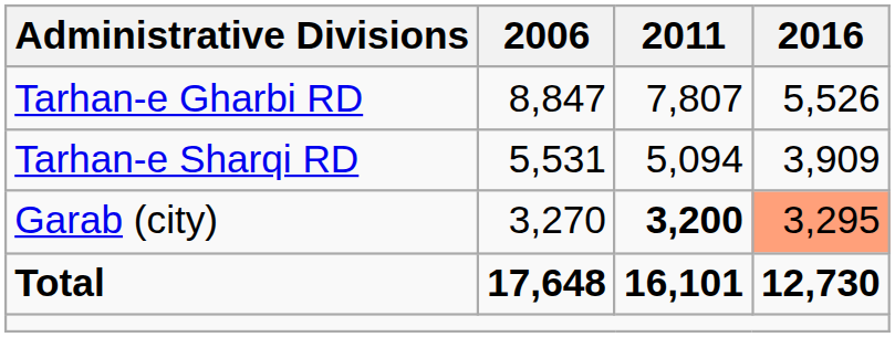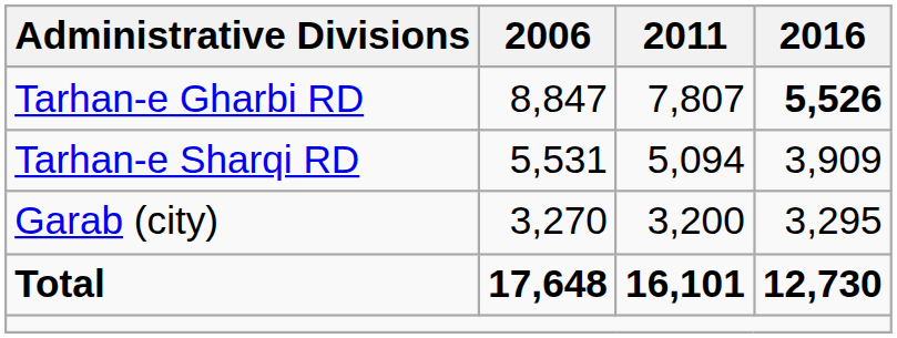 <table class="wikitable">
 <tr>
 <th>Administrative Divisions</th>
 <th>2006</th>
 <th>2011</th>
 <th>2016</th>
 </tr>
 <tr>
 <td><a href='#'>Tarhan-e Gharbi RD</a></td>
 <td style="text-align: right;">8,847</td>
 <td style="text-align: right;">7,807</td>
-<td style="text-align: right;">5,526</td>
+<td style="text-align: right;"><strong>5,526</strong></td>
 </tr>
 <tr>
 <td><a href='#'>Tarhan-e Sharqi RD</a></td>
 <td style="text-align: right;">5,531</td>
 <td style="text-align: right;">5,094</td>
 <td style="text-align: right;">3,909</td>
 </tr>
 <tr>
 <td><a href='#'>Garab</a> (city)</td>
 <td style="text-align: right;">3,270</td>
-<td style="text-align: right;"><strong>3,200</strong></td>
-<td style="background: lightsalmon; text-align: right;">3,295</td>
+<td style="text-align: right;">3,200</td>
+<td style="text-align: right;">3,295</td>
 </tr>
 <tr>
 <td><strong>Total</strong></td>
 <td style="text-align: right;"><strong>17,648</strong></td>
 <td style="text-align: right;"><strong>16,101</strong></td>
 <td style="text-align: right;"><strong>12,730</strong></td>
 </tr>
 <tr>
 <td colspan=4></td>
 </tr>
 </table>
